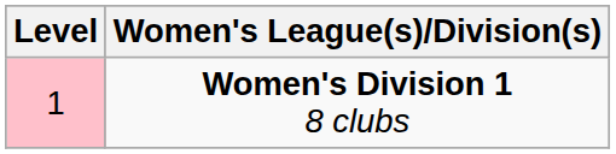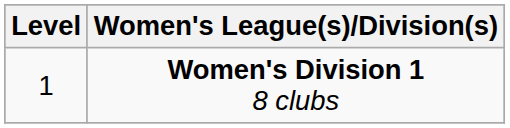 <table class="wikitable" style="text-align: center;">
 <tr>
 <th>Level</th>
 <th colspan="12">Women's League(s)/Division(s)</th>
 </tr>
 <tr>
-<td style="background: pink;">1</td>
+<td>1</td>
 <td colspan="12"><strong>Women's Division 1</strong><br><em>8 clubs</em></td>
 </tr>
 </table>
